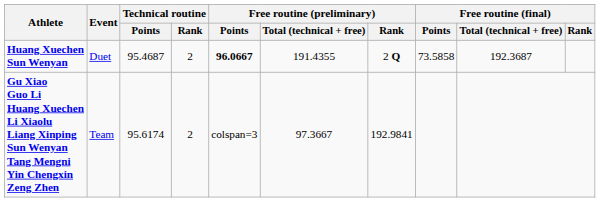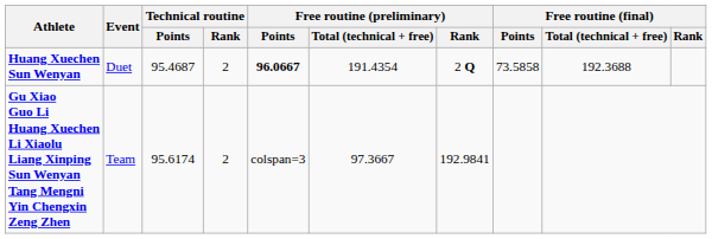 <table class="wikitable" style="font-size:90%">
 <tr>
 <th rowspan="2">Athlete</th>
 <th rowspan="2">Event</th>
 <th colspan=2>Technical routine</th>
 <th colspan=3>Free routine (preliminary)</th>
 <th colspan=3>Free routine (final)</th>
 </tr>
 <tr style="font-size:95%">
 <th>Points</th>
 <th>Rank</th>
 <th>Points</th>
 <th>Total (technical + free)</th>
 <th>Rank</th>
 <th>Points</th>
 <th>Total (technical + free)</th>
 <th>Rank</th>
 </tr>
 <tr align=center>
 <td align=left><strong><a href='#'>Huang Xuechen</a><br><a href='#'>Sun Wenyan</a></strong></td>
 <td align=left><a href='#'>Duet</a></td>
 <td>95.4687</td>
 <td>2</td>
 <td><strong>96.0667</strong></td>
-<td>191.4355</td>
+<td>191.4354</td>
 <td>2 <strong>Q</strong></td>
 <td>73.5858</td>
-<td>192.3687</td>
+<td>192.3688</td>
 <td></td>
 </tr>
 <tr align=center>
 <td align=left><strong><a href='#'>Gu Xiao</a><br><a href='#'>Guo Li</a><br><a href='#'>Huang Xuechen</a><br><a href='#'>Li Xiaolu</a><br><a href='#'>Liang Xinping</a><br><a href='#'>Sun Wenyan</a><br><a href='#'>Tang Mengni</a><br><a href='#'>Yin Chengxin</a><br><a href='#'>Zeng Zhen</a></strong></td>
 <td align=left><a href='#'>Team</a></td>
 <td>95.6174</td>
 <td>2</td>
 <td>colspan=3 </td>
 <td>97.3667</td>
 <td>192.9841</td>
 <td></td>
 </tr>
 </table>
